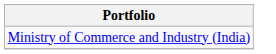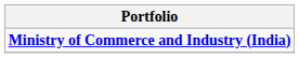 <table class="wikitable">
 <tr>
 <th>Portfolio</th>
 </tr>
 <tr>
-<td><a href='#'>Ministry of Commerce and Industry (India)</a></td>
+<td><strong><a href='#'>Ministry of Commerce and Industry (India)</a></strong></td>
 </tr>
 <tr>
 </tr>
 </table>
